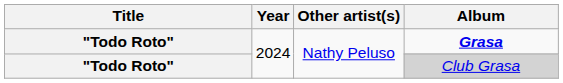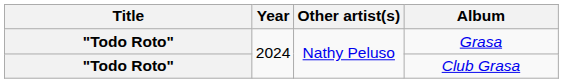 <table class="wikitable plainrowheaders" style="text-align:center;">
 <tr>
 <th scope="col" style="width:15.5em;">Title</th>
 <th scope="col" style="width:1em;">Year</th>
 <th scope="col">Other artist(s)</th>
 <th scope="col" style="width:9.5em;">Album</th>
 </tr>
 <tr>
 <th scope="row">"Todo Roto"</th>
 <td rowspan="2">2024</td>
 <td rowspan="2"><a href='#'>Nathy Peluso</a></td>
-<td><strong><em><a href='#'>Grasa</a></em></strong></td>
+<td><em><a href='#'>Grasa</a></em></td>
 </tr>
 <tr>
 <th scope="row">"Todo Roto" </th>
-<td style="background: lightgrey;"><em><a href='#'>Club Grasa</a></em></td>
+<td><em><a href='#'>Club Grasa</a></em></td>
 </tr>
 </table>
